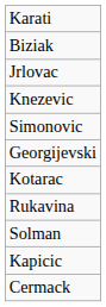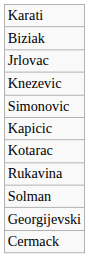 <table class="wikitable">
 <tr>
 <td>Karati</td>
 </tr>
 <tr>
 <td>Biziak</td>
 </tr>
 <tr>
 <td>Jrlovac</td>
 </tr>
 <tr>
 <td>Knezevic</td>
 </tr>
 <tr>
 <td>Simonovic</td>
 </tr>
 <tr>
-<td>Georgijevski</td>
+<td>Kapicic</td>
 </tr>
 <tr>
 <td>Kotarac</td>
 </tr>
 <tr>
 <td>Rukavina</td>
 </tr>
 <tr>
 <td>Solman</td>
 </tr>
 <tr>
-<td>Kapicic</td>
+<td>Georgijevski</td>
 </tr>
 <tr>
 <td>Cermack</td>
 </tr>
 </table>
